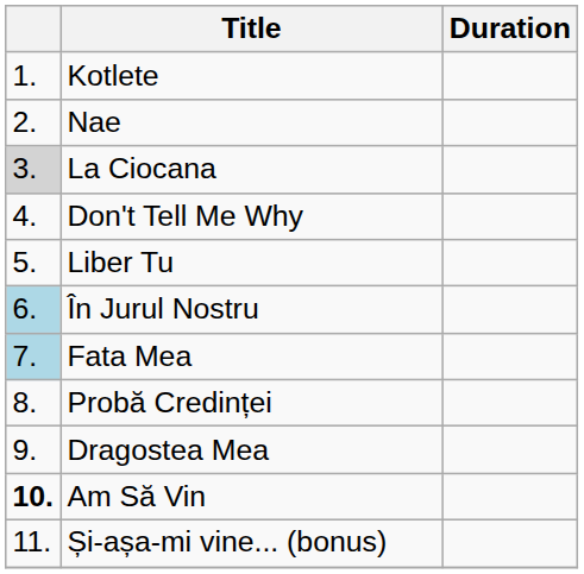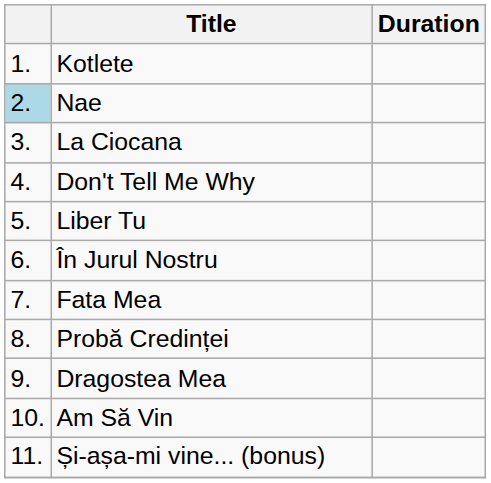 <table class="wikitable">
 <tr>
 <th></th>
 <th width="200">Title</th>
 <th>Duration</th>
 </tr>
 <tr>
 <td>1.</td>
 <td>Kotlete</td>
 <td align="center"></td>
 </tr>
 <tr>
-<td>2.</td>
+<td style="background: lightblue;">2.</td>
 <td>Nae</td>
 <td align="center"></td>
 </tr>
 <tr>
-<td style="background: lightgrey;">3.</td>
+<td>3.</td>
 <td>La Ciocana</td>
 <td align="center"></td>
 </tr>
 <tr>
 <td>4.</td>
 <td>Don't Tell Me Why</td>
 <td align="center"></td>
 </tr>
 <tr>
 <td>5.</td>
 <td>Liber Tu</td>
 <td align="center"></td>
 </tr>
 <tr>
-<td style="background: lightblue;">6.</td>
+<td>6.</td>
 <td>În Jurul Nostru</td>
 <td align="center"></td>
 </tr>
 <tr>
-<td style="background: lightblue;">7.</td>
+<td>7.</td>
 <td>Fata Mea</td>
 <td align="center"></td>
 </tr>
 <tr>
 <td>8.</td>
 <td>Probă Credinței</td>
 <td align="center"></td>
 </tr>
 <tr>
 <td>9.</td>
 <td>Dragostea Mea</td>
 <td align="center"></td>
 </tr>
 <tr>
-<td><strong>10.</strong></td>
+<td>10.</td>
 <td>Am Să Vin</td>
 <td align="center"></td>
 </tr>
 <tr>
 <td>11.</td>
 <td>Și-așa-mi vine... (bonus)</td>
 <td align="center"></td>
 </tr>
 <tr>
 </tr>
 </table>
